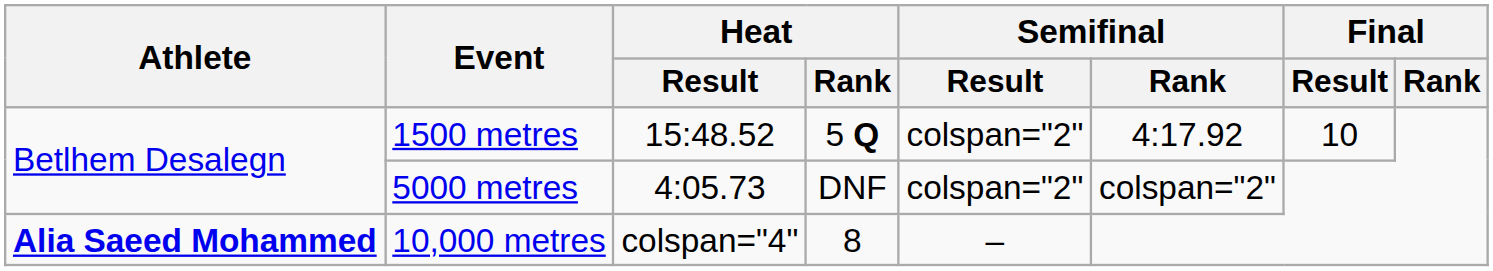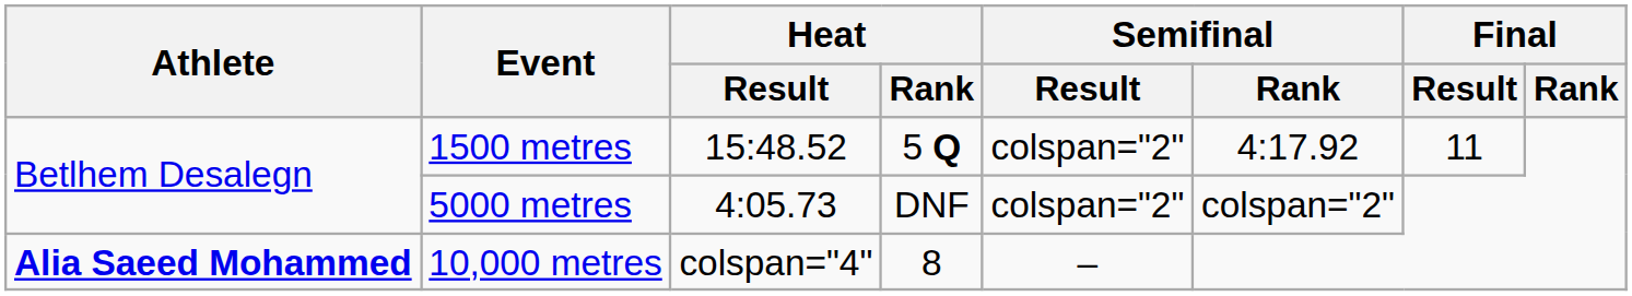 <table class="wikitable" style="font-size:90%">
 <tr>
 <th rowspan="2">Athlete</th>
 <th rowspan="2">Event</th>
 <th colspan="2">Heat</th>
 <th colspan="2">Semifinal</th>
 <th colspan="2">Final</th>
 </tr>
 <tr style="font-size:95%">
 <th>Result</th>
 <th>Rank</th>
 <th>Result</th>
 <th>Rank</th>
 <th>Result</th>
 <th>Rank</th>
 </tr>
 <tr style=text-align:center>
 <td style=text-align:left rowspan=2><a href='#'>Betlhem Desalegn</a></td>
 <td style=text-align:left><a href='#'>1500 metres</a></td>
 <td>15:48.52</td>
 <td>5 <strong>Q</strong></td>
 <td>colspan="2" </td>
 <td>4:17.92</td>
-<td>10</td>
+<td>11</td>
 </tr>
 <tr style=text-align:center>
 <td style=text-align:left><a href='#'>5000 metres</a></td>
 <td>4:05.73</td>
 <td>DNF</td>
 <td>colspan="2" </td>
 <td>colspan="2" </td>
 </tr>
 <tr style=text-align:center>
 <td style=text-align:left><strong><a href='#'>Alia Saeed Mohammed</a></strong></td>
 <td style=text-align:left><a href='#'>10,000 metres</a></td>
 <td>colspan="4" </td>
 <td>8</td>
 <td>–</td>
 </tr>
 </table>
